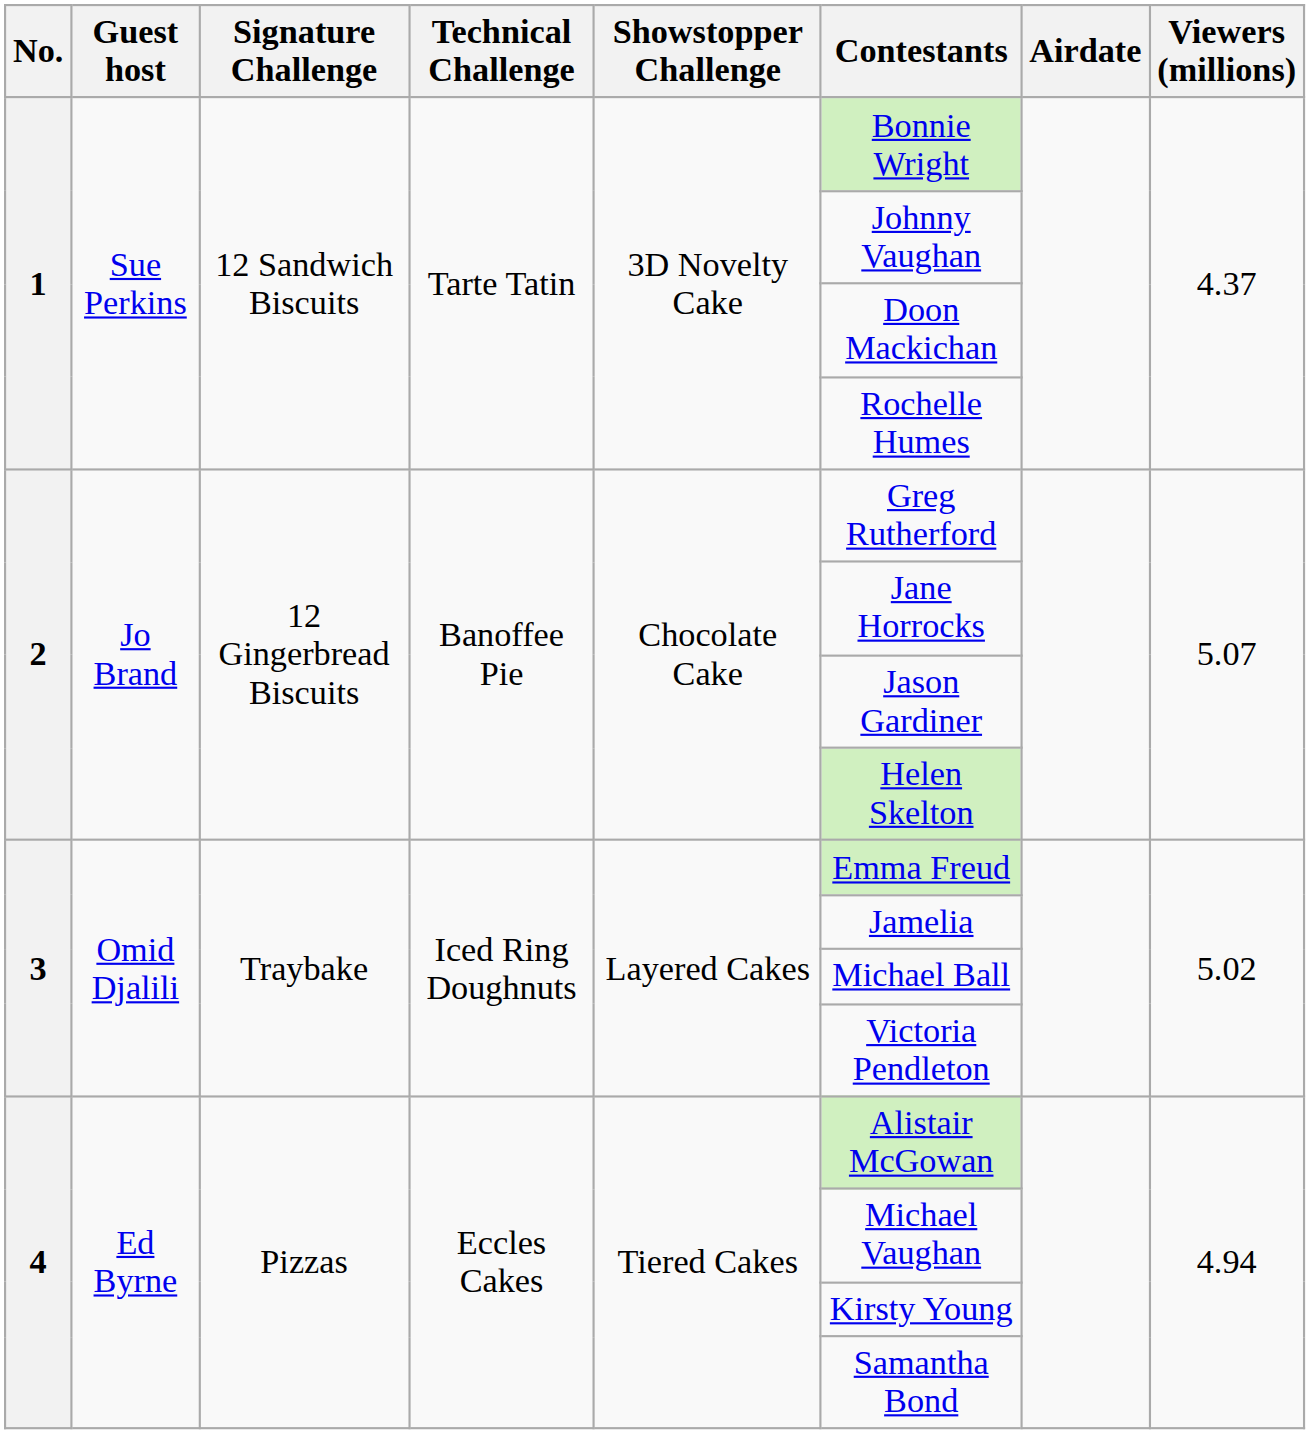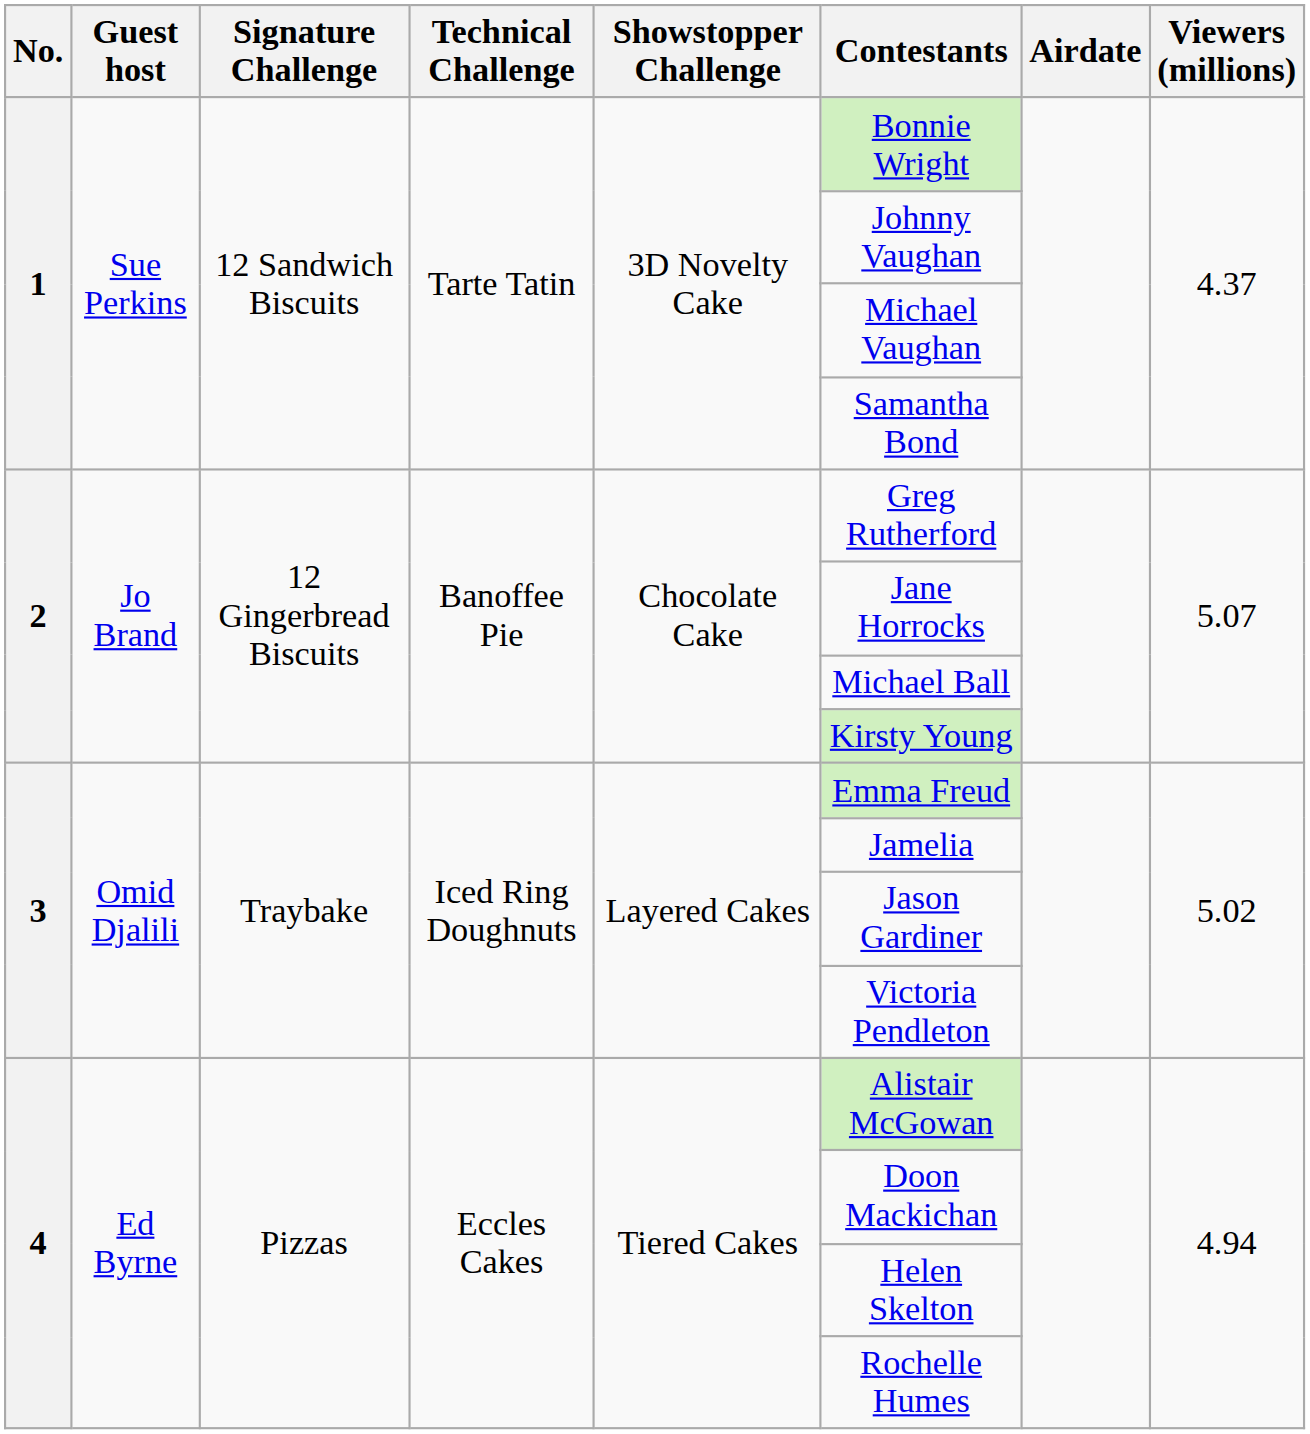 <table class="wikitable" style="text-align:center;">
 <tr>
 <th scope="col">No.</th>
 <th scope="col">Guest host</th>
 <th scope="col">Signature Challenge</th>
 <th scope="col">Technical Challenge</th>
 <th scope="col">Showstopper Challenge</th>
 <th scope="col">Contestants</th>
 <th scope="col">Airdate</th>
 <th scope="col">Viewers<br>(millions)</th>
 </tr>
 <tr>
 <th scope="rowgroup" rowspan=4>1</th>
 <td rowspan=4><a href='#'>Sue Perkins</a></td>
 <td rowspan=4>12 Sandwich Biscuits</td>
 <td rowspan=4>Tarte Tatin</td>
 <td rowspan=4>3D Novelty Cake</td>
 <td style="background:#d0f0c0"><a href='#'>Bonnie Wright</a></td>
 <td rowspan=4></td>
 <td rowspan=4>4.37</td>
 </tr>
 <tr>
 <td><a href='#'>Johnny Vaughan</a></td>
 </tr>
 <tr>
-<td><a href='#'>Doon Mackichan</a></td>
+<td><a href='#'>Michael Vaughan</a></td>
 </tr>
 <tr>
-<td><a href='#'>Rochelle Humes</a></td>
+<td><a href='#'>Samantha Bond</a></td>
 </tr>
 <tr>
 <th scope="rowgroup" rowspan=4>2</th>
 <td rowspan=4><a href='#'>Jo Brand</a></td>
 <td rowspan=4>12 Gingerbread Biscuits</td>
 <td rowspan=4>Banoffee Pie</td>
 <td rowspan=4>Chocolate Cake</td>
 <td><a href='#'>Greg Rutherford</a></td>
 <td rowspan=4></td>
 <td rowspan=4>5.07</td>
 </tr>
 <tr>
 <td><a href='#'>Jane Horrocks</a></td>
 </tr>
 <tr>
-<td><a href='#'>Jason Gardiner</a></td>
+<td><a href='#'>Michael Ball</a></td>
 </tr>
 <tr style="background:#d0f0c0">
-<td><a href='#'>Helen Skelton</a></td>
+<td><a href='#'>Kirsty Young</a></td>
 </tr>
 <tr>
 <th scope="rowgroup" rowspan=4>3</th>
 <td rowspan=4><a href='#'>Omid Djalili</a></td>
 <td rowspan=4>Traybake</td>
 <td rowspan=4>Iced Ring Doughnuts</td>
 <td rowspan=4>Layered Cakes</td>
 <td style="background:#d0f0c0"><a href='#'>Emma Freud</a></td>
 <td rowspan=4></td>
 <td rowspan=4>5.02</td>
 </tr>
 <tr>
 <td><a href='#'>Jamelia</a></td>
 </tr>
 <tr>
-<td><a href='#'>Michael Ball</a></td>
+<td><a href='#'>Jason Gardiner</a></td>
 </tr>
 <tr>
 <td><a href='#'>Victoria Pendleton</a></td>
 </tr>
 <tr>
 <th scope="rowgroup" rowspan=4>4</th>
 <td rowspan=4><a href='#'>Ed Byrne</a></td>
 <td rowspan=4>Pizzas</td>
 <td rowspan=4>Eccles Cakes</td>
 <td rowspan=4>Tiered Cakes</td>
 <td style="background:#d0f0c0"><a href='#'>Alistair McGowan</a></td>
 <td rowspan=4></td>
 <td rowspan=4>4.94</td>
 </tr>
 <tr>
-<td><a href='#'>Michael Vaughan</a></td>
+<td><a href='#'>Doon Mackichan</a></td>
 </tr>
 <tr>
-<td><a href='#'>Kirsty Young</a></td>
+<td><a href='#'>Helen Skelton</a></td>
 </tr>
 <tr>
-<td><a href='#'>Samantha Bond</a></td>
+<td><a href='#'>Rochelle Humes</a></td>
 </tr>
 </table>
